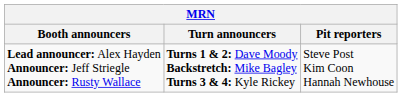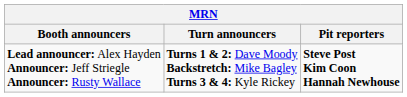 <table class="wikitable" style="font-size: 95%">
 <tr>
 <th colspan="3"><a href='#'>MRN</a></th>
 </tr>
 <tr>
 <th>Booth announcers</th>
 <th>Turn announcers</th>
 <th>Pit reporters</th>
 </tr>
 <tr>
 <td><strong>Lead announcer:</strong> Alex Hayden<br><strong>Announcer:</strong> Jeff Striegle<br><strong>Announcer:</strong> <a href='#'>Rusty Wallace</a></td>
 <td><strong>Turns 1 & 2:</strong> <a href='#'>Dave Moody</a><br><strong>Backstretch:</strong> <a href='#'>Mike Bagley</a><br><strong>Turns 3 & 4:</strong> Kyle Rickey</td>
-<td>Steve Post<br>Kim Coon<br>Hannah Newhouse</td>
+<td><strong>Steve Post<br>Kim Coon<br>Hannah Newhouse</strong></td>
 </tr>
 </table>
